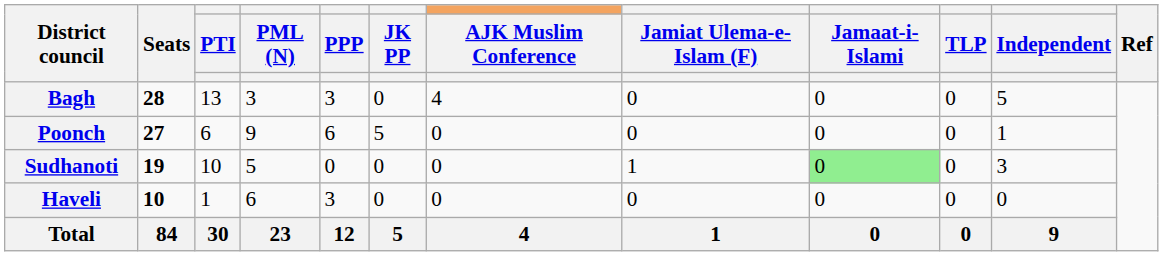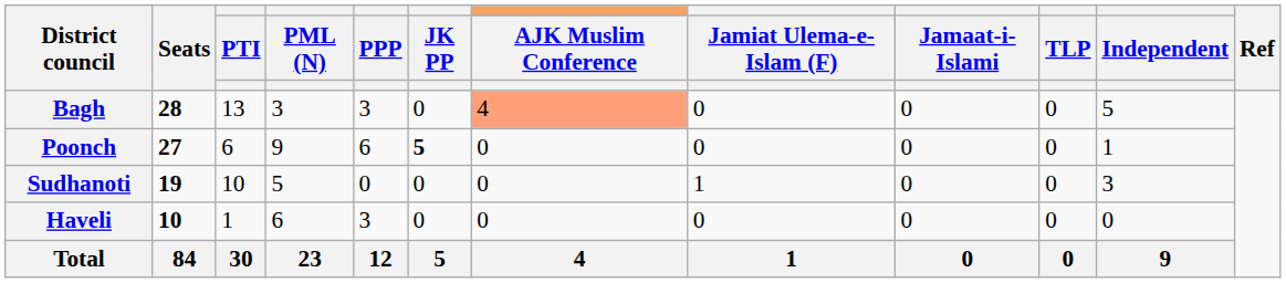 <table class="wikitable">
 <tr>
 <th rowspan="3">District council</th>
 <th rowspan="3">Seats</th>
 <th style="background-color: "></th>
 <th style="background-color: "></th>
 <th style="background-color: "></th>
 <th style="background-color: "></th>
 <td bgcolor="#f4a460"></td>
 <th style="background-color: "></th>
 <th style="background-color: "></th>
 <th style="background-color: "></th>
 <th style="background-color: "></th>
 <th rowspan="3">Ref</th>
 </tr>
 <tr>
 <th><a href='#'>PTI</a></th>
 <th><a href='#'>PML (N)</a></th>
 <th><a href='#'>PPP</a></th>
 <th><a href='#'>JK PP</a></th>
 <th><a href='#'>AJK Muslim Conference</a></th>
 <th><a href='#'>Jamiat Ulema-e-Islam (F)</a></th>
 <th><a href='#'>Jamaat-i-Islami</a></th>
 <th><a href='#'>TLP</a></th>
 <th><a href='#'>Independent</a></th>
 </tr>
 <tr>
 <th></th>
 <th></th>
 <th></th>
 <th></th>
 <th></th>
 <th></th>
 <th></th>
 <th></th>
 <th></th>
 </tr>
 <tr>
 <th><a href='#'>Bagh</a></th>
 <td><strong>28</strong></td>
 <td>13</td>
 <td>3</td>
 <td>3</td>
 <td>0</td>
-<td>4</td>
+<td style="background: lightsalmon;">4</td>
 <td>0</td>
 <td>0</td>
 <td>0</td>
 <td>5</td>
 <td rowspan="5"></td>
 </tr>
 <tr>
 <th><a href='#'>Poonch</a></th>
 <td><strong>27</strong></td>
 <td>6</td>
 <td>9</td>
 <td>6</td>
-<td>5</td>
+<td><strong>5</strong></td>
 <td>0</td>
 <td>0</td>
 <td>0</td>
 <td>0</td>
 <td>1</td>
 </tr>
 <tr>
 <th><a href='#'>Sudhanoti</a></th>
 <td><strong>19</strong></td>
 <td>10</td>
 <td>5</td>
 <td>0</td>
 <td>0</td>
 <td>0</td>
 <td>1</td>
-<td style="background: lightgreen;">0</td>
+<td>0</td>
 <td>0</td>
 <td>3</td>
 </tr>
 <tr>
 <th><a href='#'>Haveli</a></th>
 <td><strong>10</strong></td>
 <td>1</td>
 <td>6</td>
 <td>3</td>
 <td>0</td>
 <td>0</td>
 <td>0</td>
 <td>0</td>
 <td>0</td>
 <td>0</td>
 </tr>
 <tr>
 <th><strong>Total</strong></th>
 <th>84</th>
 <th>30</th>
 <th>23</th>
 <th>12</th>
 <th>5</th>
 <th>4</th>
 <th>1</th>
 <th>0</th>
 <th>0</th>
 <th>9</th>
 </tr>
 </table>
